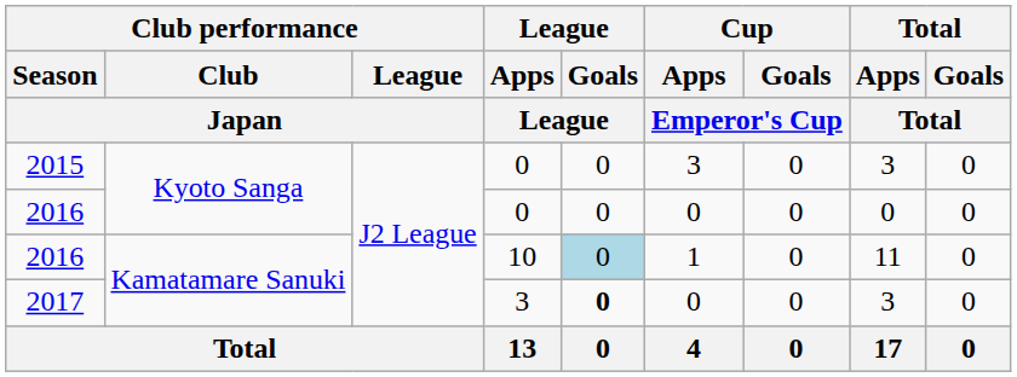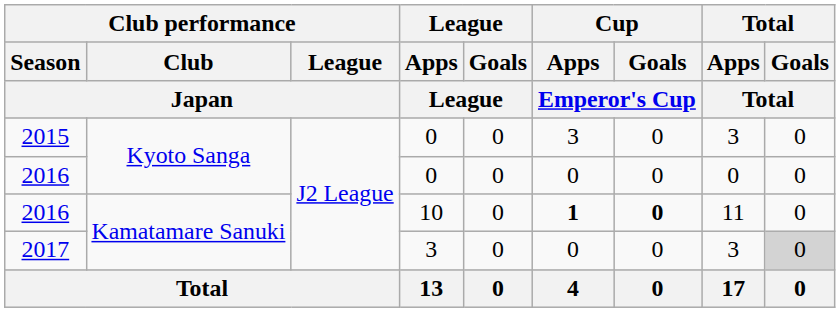 <table class="wikitable" style="text-align:center;">
 <tr>
 <th colspan=3>Club performance</th>
 <th colspan=2>League</th>
 <th colspan=2>Cup</th>
 <th colspan=2>Total</th>
 </tr>
 <tr>
 <th>Season</th>
 <th>Club</th>
 <th>League</th>
 <th>Apps</th>
 <th>Goals</th>
 <th>Apps</th>
 <th>Goals</th>
 <th>Apps</th>
 <th>Goals</th>
 </tr>
 <tr>
 <th colspan=3>Japan</th>
 <th colspan=2>League</th>
 <th colspan=2><a href='#'>Emperor's Cup</a></th>
 <th colspan=2>Total</th>
 </tr>
 <tr>
 <td><a href='#'>2015</a></td>
 <td rowspan="2"><a href='#'>Kyoto Sanga</a></td>
 <td rowspan="4"><a href='#'>J2 League</a></td>
 <td>0</td>
 <td>0</td>
 <td>3</td>
 <td>0</td>
 <td>3</td>
 <td>0</td>
 </tr>
 <tr>
 <td><a href='#'>2016</a></td>
 <td>0</td>
 <td>0</td>
 <td>0</td>
 <td>0</td>
 <td>0</td>
 <td>0</td>
 </tr>
 <tr>
 <td><a href='#'>2016</a></td>
 <td rowspan="2"><a href='#'>Kamatamare Sanuki</a></td>
 <td>10</td>
-<td style="background: lightblue;">0</td>
-<td>1</td>
 <td>0</td>
+<td><strong>1</strong></td>
+<td><strong>0</strong></td>
 <td>11</td>
 <td>0</td>
 </tr>
 <tr>
 <td><a href='#'>2017</a></td>
 <td>3</td>
-<td><strong>0</strong></td>
+<td>0</td>
 <td>0</td>
 <td>0</td>
 <td>3</td>
-<td>0</td>
+<td style="background: lightgrey;">0</td>
 </tr>
 <tr>
 <th colspan=3>Total</th>
 <th>13</th>
 <th>0</th>
 <th>4</th>
 <th>0</th>
 <th>17</th>
 <th>0</th>
 </tr>
 </table>
